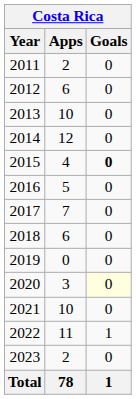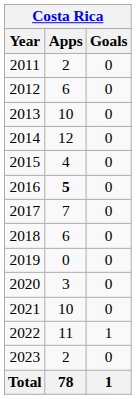 <table class="wikitable" style="text-align:center">
 <tr>
 <th colspan=3><a href='#'>Costa Rica</a></th>
 </tr>
 <tr>
 <th>Year</th>
 <th>Apps</th>
 <th>Goals</th>
 </tr>
 <tr>
 <td>2011</td>
 <td>2</td>
 <td>0</td>
 </tr>
 <tr>
 <td>2012</td>
 <td>6</td>
 <td>0</td>
 </tr>
 <tr>
 <td>2013</td>
 <td>10</td>
 <td>0</td>
 </tr>
 <tr>
 <td>2014</td>
 <td>12</td>
 <td>0</td>
 </tr>
 <tr>
 <td>2015</td>
 <td>4</td>
-<td><strong>0</strong></td>
+<td>0</td>
 </tr>
 <tr>
 <td>2016</td>
-<td>5</td>
+<td><strong>5</strong></td>
 <td>0</td>
 </tr>
 <tr>
 <td>2017</td>
 <td>7</td>
 <td>0</td>
 </tr>
 <tr>
 <td>2018</td>
 <td>6</td>
 <td>0</td>
 </tr>
 <tr>
 <td>2019</td>
 <td>0</td>
 <td>0</td>
 </tr>
 <tr>
 <td>2020</td>
 <td>3</td>
-<td style="background: lightyellow;">0</td>
+<td>0</td>
 </tr>
 <tr>
 <td>2021</td>
 <td>10</td>
 <td>0</td>
 </tr>
 <tr>
 <td>2022</td>
 <td>11</td>
 <td>1</td>
 </tr>
 <tr>
 <td>2023</td>
 <td>2</td>
 <td>0</td>
 </tr>
 <tr>
 <th>Total</th>
 <th>78</th>
 <th>1</th>
 </tr>
 </table>
